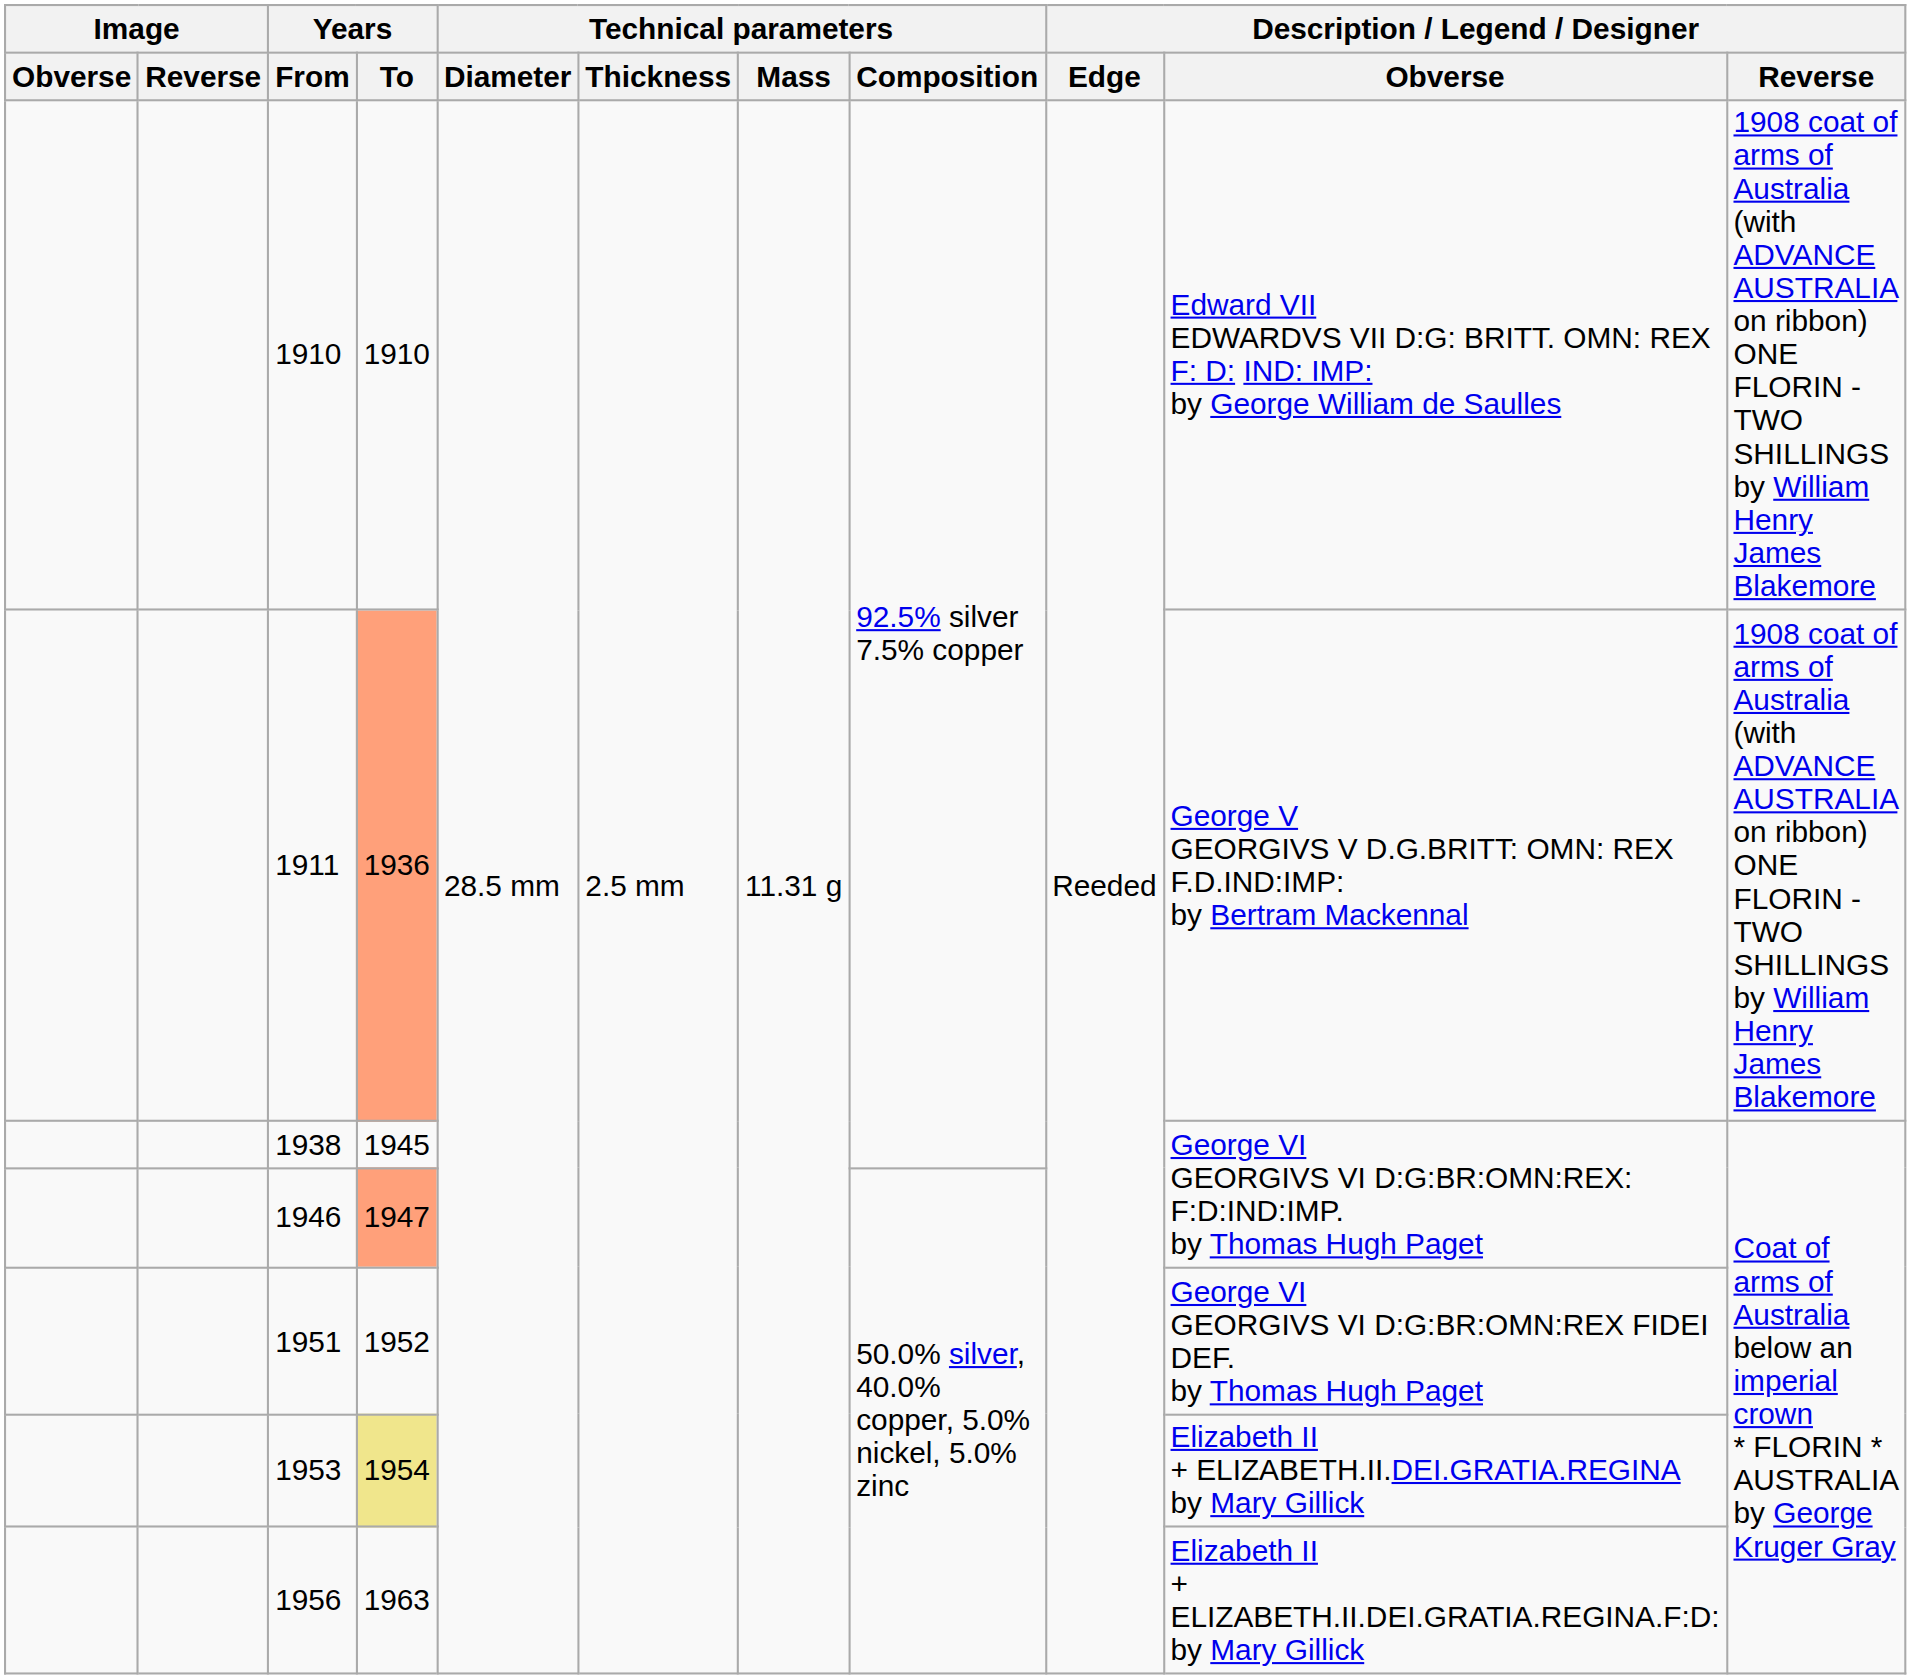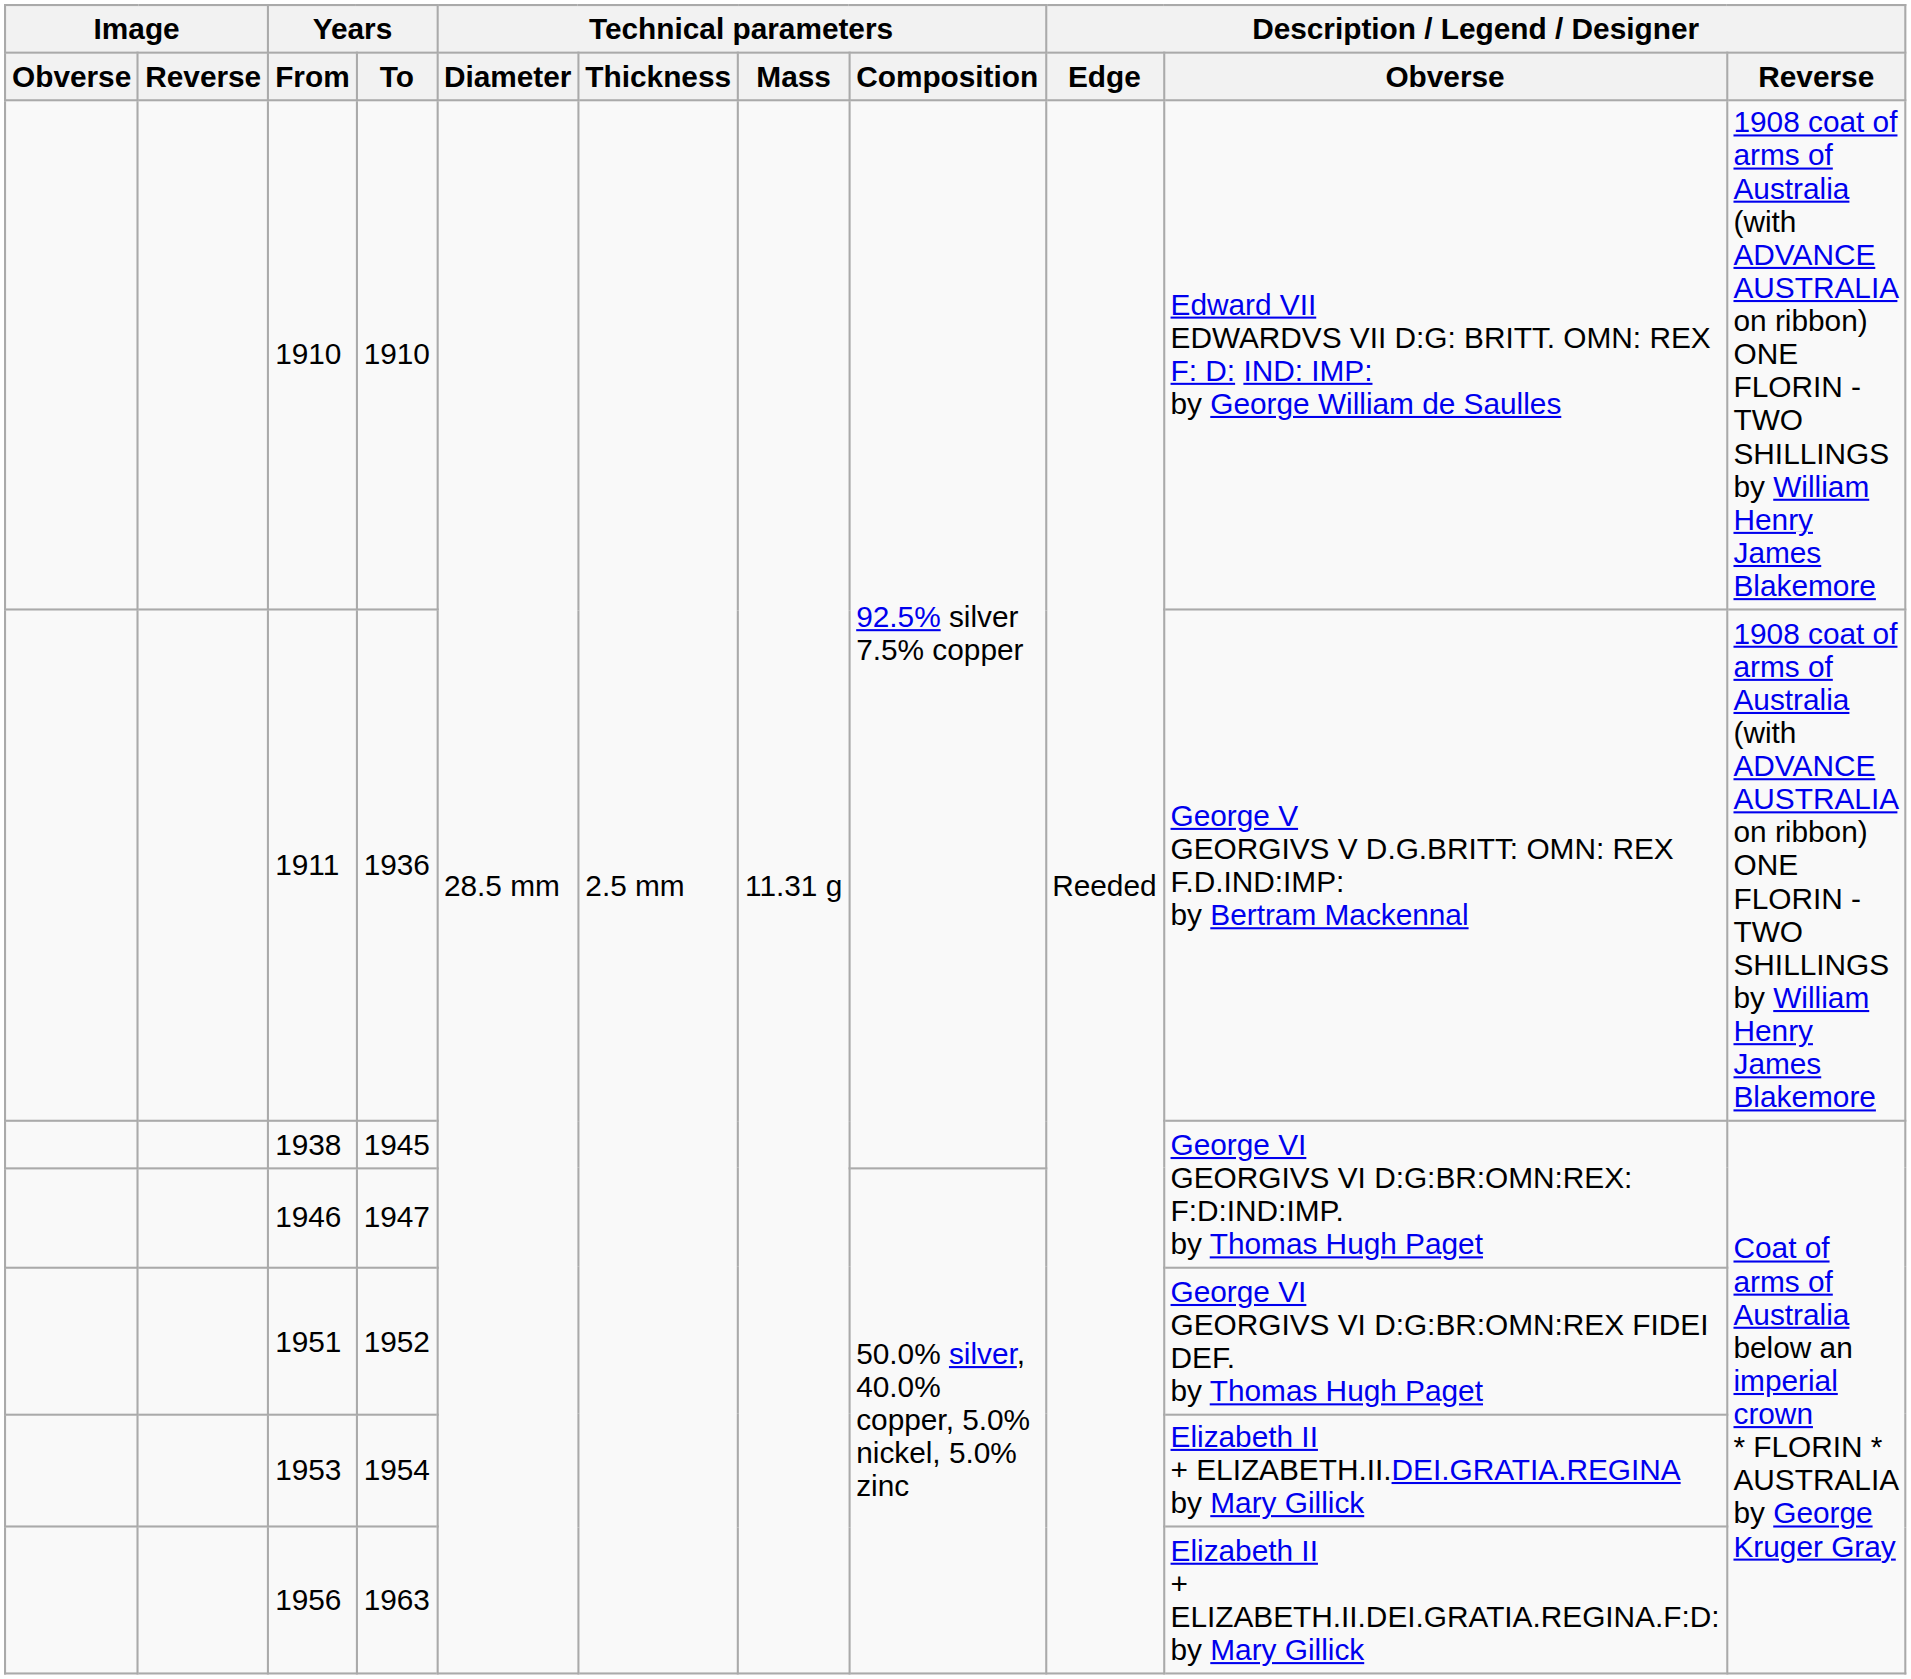 <table class="wikitable" style="font-size: 90%">
 <tr>
 <th colspan="2">Image</th>
 <th colspan="2">Years</th>
 <th colspan="4">Technical parameters</th>
 <th colspan="3">Description / Legend / Designer</th>
 </tr>
 <tr>
 <th>Obverse</th>
 <th>Reverse</th>
 <th>From</th>
 <th>To</th>
 <th>Diameter</th>
 <th>Thickness</th>
 <th>Mass</th>
 <th>Composition</th>
 <th>Edge</th>
 <th>Obverse</th>
 <th>Reverse</th>
 </tr>
 <tr>
 <td></td>
 <td></td>
 <td>1910</td>
 <td>1910</td>
 <td rowspan="7">28.5 mm</td>
 <td rowspan="7">2.5 mm</td>
 <td rowspan="7">11.31 g</td>
 <td rowspan="3"><a href='#'>92.5%</a> silver 7.5% copper</td>
 <td rowspan="7">Reeded</td>
 <td><a href='#'>Edward VII</a> <br> EDWARDVS VII D:G: BRITT. OMN: REX <a href='#'>F: D:</a> <a href='#'>IND: IMP:</a> <br> by <a href='#'>George William de Saulles</a></td>
 <td><a href='#'>1908 coat of arms of Australia</a> (with <a href='#'>ADVANCE AUSTRALIA</a> on ribbon) <br> ONE FLORIN - TWO SHILLINGS <br> by <a href='#'>William Henry James Blakemore</a></td>
 </tr>
 <tr>
 <td></td>
 <td></td>
 <td>1911</td>
-<td style="background: lightsalmon;">1936</td>
+<td>1936</td>
 <td><a href='#'>George V</a> <br> GEORGIVS V D.G.BRITT: OMN: REX F.D.IND:IMP: <br> by <a href='#'>Bertram Mackennal</a></td>
 <td><a href='#'>1908 coat of arms of Australia</a> (with <a href='#'>ADVANCE AUSTRALIA</a> on ribbon) <br> ONE FLORIN - TWO SHILLINGS <br> by <a href='#'>William Henry James Blakemore</a></td>
 </tr>
 <tr>
 <td></td>
 <td></td>
 <td>1938</td>
 <td>1945</td>
 <td rowspan="2"><a href='#'>George VI</a> <br> GEORGIVS VI D:G:BR:OMN:REX: F:D:IND:IMP. <br> by <a href='#'>Thomas Hugh Paget</a></td>
 <td rowspan="5"><a href='#'>Coat of arms of Australia</a> below an <a href='#'>imperial crown</a><br> * FLORIN * AUSTRALIA <br> by <a href='#'>George Kruger Gray</a></td>
 </tr>
 <tr>
 <td></td>
 <td></td>
 <td>1946</td>
-<td style="background: lightsalmon;">1947</td>
+<td>1947</td>
 <td rowspan="4">50.0% <a href='#'>silver</a>, 40.0% copper, 5.0% nickel, 5.0% zinc</td>
 </tr>
 <tr>
 <td></td>
 <td></td>
 <td>1951</td>
 <td>1952</td>
 <td><a href='#'>George VI</a><br>GEORGIVS VI D:G:BR:OMN:REX FIDEI DEF.<br> by <a href='#'>Thomas Hugh Paget</a></td>
 </tr>
 <tr>
 <td></td>
 <td></td>
 <td>1953</td>
-<td style="background: khaki;">1954</td>
+<td>1954</td>
 <td><a href='#'>Elizabeth II</a> <br> + ELIZABETH.II.<a href='#'>DEI.GRATIA.REGINA</a> <br> by <a href='#'>Mary Gillick</a></td>
 </tr>
 <tr>
 <td></td>
 <td></td>
 <td>1956</td>
 <td>1963</td>
 <td><a href='#'>Elizabeth II</a> <br> + ELIZABETH.II.DEI.GRATIA.REGINA.F:D: <br> by <a href='#'>Mary Gillick</a></td>
 </tr>
 </table>
